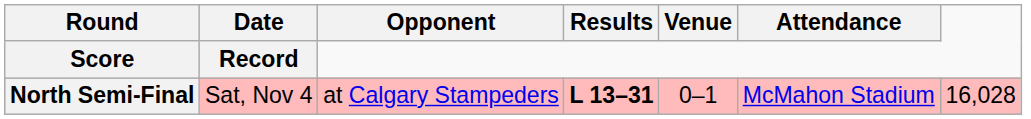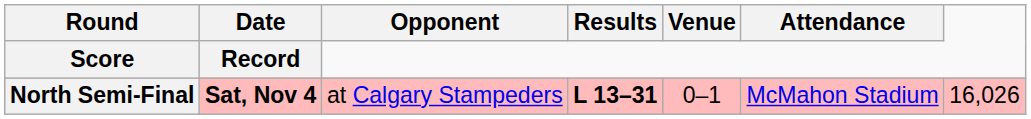 <table class="wikitable" style="text-align:center">
 <tr>
 <th>Round</th>
 <th>Date</th>
 <th>Opponent</th>
 <th>Results</th>
 <th>Venue</th>
 <th>Attendance</th>
 </tr>
 <tr>
 <th>Score</th>
 <th>Record</th>
 </tr>
 <tr style="background:#ffbbbb">
 <th>North Semi-Final</th>
-<td>Sat, Nov 4</td>
+<td><strong>Sat, Nov 4</strong></td>
 <td>at <a href='#'>Calgary Stampeders</a></td>
 <td><strong>L 13–31</strong></td>
 <td>0–1</td>
 <td><a href='#'>McMahon Stadium</a></td>
-<td>16,028</td>
+<td>16,026</td>
 </tr>
 </table>
